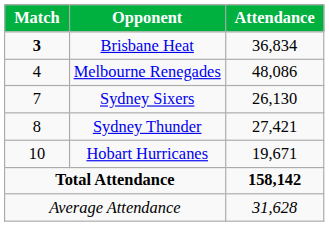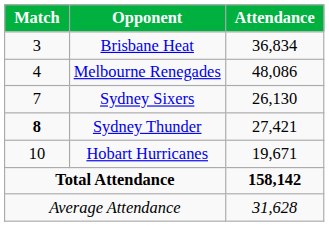 <table class="wikitable" style="text-align:center; font-size:90%">
 <tr>
 <th style="width:50px; background:#00B13F; color:white; text-align:center;">Match</th>
 <th style="width:130px; background:#00B13F; color:white; text-align:center;" class="unsortable">Opponent</th>
 <th style="width:80px; background:#00B13F; color:white; text-align:center;">Attendance</th>
 </tr>
 <tr>
-<td><strong>3</strong></td>
+<td>3</td>
 <td><a href='#'>Brisbane Heat</a></td>
 <td>36,834</td>
 </tr>
 <tr>
 <td>4</td>
 <td><a href='#'>Melbourne Renegades</a></td>
 <td>48,086</td>
 </tr>
 <tr>
 <td>7</td>
 <td><a href='#'>Sydney Sixers</a></td>
 <td>26,130</td>
 </tr>
 <tr>
-<td>8</td>
+<td><strong>8</strong></td>
 <td><a href='#'>Sydney Thunder</a></td>
 <td>27,421</td>
 </tr>
 <tr>
 <td>10</td>
 <td><a href='#'>Hobart Hurricanes</a></td>
 <td>19,671</td>
 </tr>
 <tr class="sortbottom">
 <td colspan="2"><strong>Total Attendance</strong></td>
 <td><strong>158,142</strong></td>
 </tr>
 <tr class="sortbottom">
 <td colspan="2"><em>Average Attendance</em></td>
 <td><em>31,628</em></td>
 </tr>
 </table>
